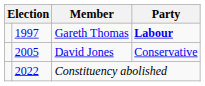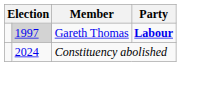 <table class="wikitable">
 <tr>
 <th colspan="2">Election</th>
 <th>Member</th>
 <th>Party</th>
 </tr>
 <tr>
 <td style="color:inherit;background-color: "></td>
-<td><a href='#'>1997</a></td>
+<td style="background: lightgrey;"><a href='#'>1997</a></td>
 <td><a href='#'>Gareth Thomas</a></td>
 <td><strong><a href='#'>Labour</a></strong></td>
 </tr>
 <tr>
-<td style="color:inherit;background-color: "></td>
-<td><a href='#'>2005</a></td>
-<td><a href='#'>David Jones</a></td>
-<td><a href='#'>Conservative</a></td>
-</tr>
-<tr>
 <td></td>
-<td><a href='#'>2022</a></td>
+<td><a href='#'>2024</a></td>
 <td colspan="2"><em>Constituency abolished</em></td>
 </tr>
 </table>
